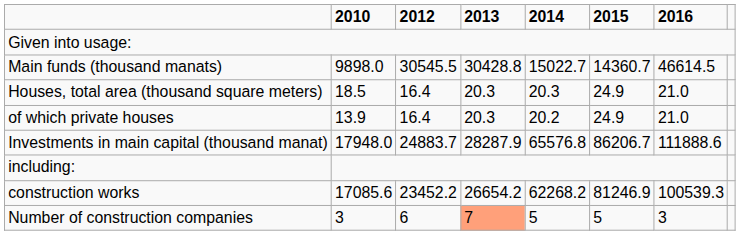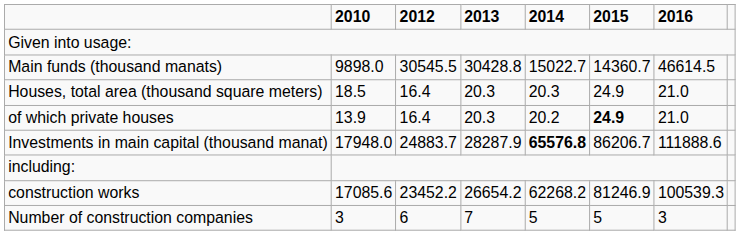 <table class="wikitable">
 <tr>
 <td></td>
 <td><strong>2010</strong></td>
 <td><strong>2012</strong></td>
 <td><strong>2013</strong></td>
 <td><strong>2014</strong></td>
 <td><strong>2015</strong></td>
 <td><strong>2016</strong></td>
 <td></td>
 </tr>
 <tr>
 <td colspan="8">Given into  usage:</td>
 </tr>
 <tr>
 <td>Main funds (thousand manats)</td>
 <td>9898.0</td>
 <td>30545.5</td>
 <td>30428.8</td>
 <td>15022.7</td>
 <td>14360.7</td>
 <td>46614.5</td>
 <td></td>
 </tr>
 <tr>
 <td>Houses,  total area (thousand square meters)</td>
 <td>18.5</td>
 <td>16.4</td>
 <td>20.3</td>
 <td>20.3</td>
 <td>24.9</td>
 <td>21.0</td>
 <td></td>
 </tr>
 <tr>
 <td>of which private houses</td>
 <td>13.9</td>
 <td>16.4</td>
 <td>20.3</td>
 <td>20.2</td>
-<td>24.9</td>
+<td><strong>24.9</strong></td>
 <td>21.0</td>
 <td></td>
 </tr>
 <tr>
 <td>Investments  in main capital (thousand manat)</td>
 <td>17948.0</td>
 <td>24883.7</td>
 <td>28287.9</td>
-<td>65576.8</td>
+<td><strong>65576.8</strong></td>
 <td>86206.7</td>
 <td>111888.6</td>
 <td></td>
 </tr>
 <tr>
 <td>including:</td>
 <td colspan="6"></td>
 <td></td>
 </tr>
 <tr>
 <td>construction  works</td>
 <td>17085.6</td>
 <td>23452.2</td>
 <td>26654.2</td>
 <td>62268.2</td>
 <td>81246.9</td>
 <td>100539.3</td>
 <td></td>
 </tr>
 <tr>
 <td>Number  of construction companies</td>
 <td>3</td>
 <td>6</td>
-<td style="background: lightsalmon;">7</td>
+<td>7</td>
 <td>5</td>
 <td>5</td>
 <td>3</td>
 <td></td>
 </tr>
 </table>
